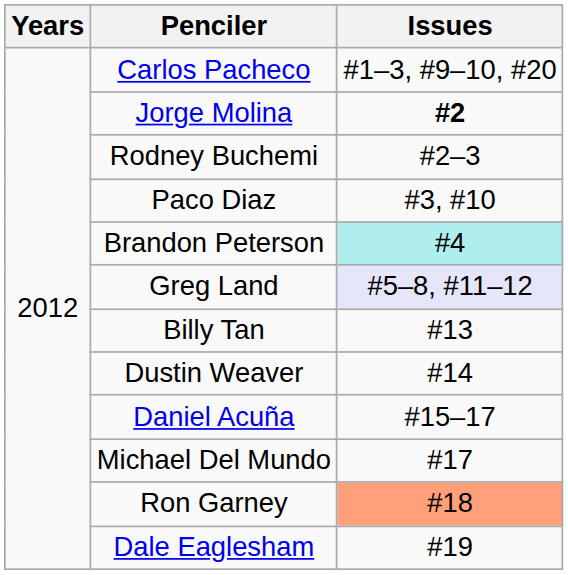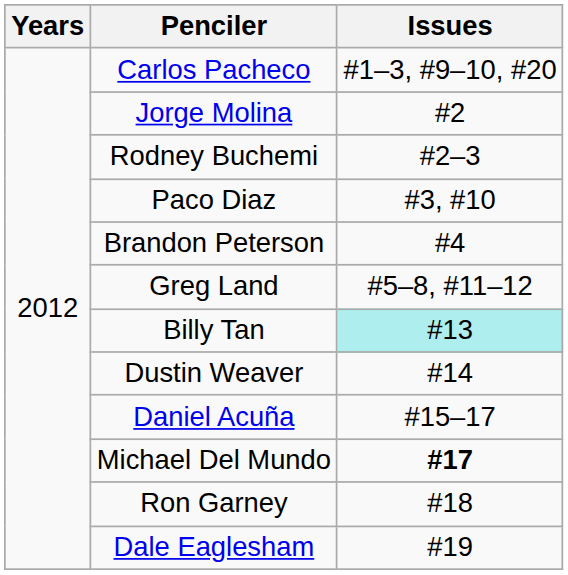 <table class="wikitable" style="vertical-align:text-top">
 <tr>
 <th>Years</th>
 <th>Penciler</th>
 <th>Issues</th>
 </tr>
 <tr>
 <td align="center" rowspan="12">2012</td>
 <td align="center"><a href='#'>Carlos Pacheco</a></td>
 <td align="center">#1–3, #9–10, #20</td>
 </tr>
 <tr>
 <td align="center"><a href='#'>Jorge Molina</a></td>
-<td align="center"><strong>#2</strong></td>
+<td align="center">#2</td>
 </tr>
 <tr>
 <td align="center">Rodney Buchemi</td>
 <td align="center">#2–3</td>
 </tr>
 <tr>
 <td align="center">Paco Diaz</td>
 <td align="center">#3, #10</td>
 </tr>
 <tr>
 <td align="center">Brandon Peterson</td>
-<td align="center" style="background: paleturquoise;">#4</td>
+<td align="center">#4</td>
 </tr>
 <tr>
 <td align="center">Greg Land</td>
-<td align="center" style="background: lavender;">#5–8, #11–12</td>
+<td align="center">#5–8, #11–12</td>
 </tr>
 <tr>
 <td align="center">Billy Tan</td>
-<td align="center">#13</td>
+<td align="center" style="background: paleturquoise;">#13</td>
 </tr>
 <tr>
 <td align="center">Dustin Weaver</td>
 <td align="center">#14</td>
 </tr>
 <tr>
 <td align="center"><a href='#'>Daniel Acuña</a></td>
 <td align="center">#15–17</td>
 </tr>
 <tr>
 <td align="center">Michael Del Mundo</td>
-<td align="center">#17</td>
+<td align="center"><strong>#17</strong></td>
 </tr>
 <tr>
 <td align="center">Ron Garney</td>
-<td align="center" style="background: lightsalmon;">#18</td>
+<td align="center">#18</td>
 </tr>
 <tr>
 <td align="center"><a href='#'>Dale Eaglesham</a></td>
 <td align="center">#19</td>
 </tr>
 </table>
